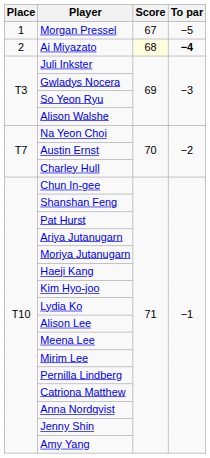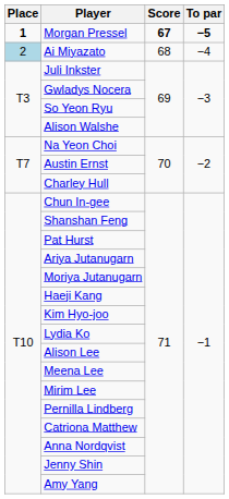 <table class="wikitable">
 <tr>
 <th>Place</th>
 <th>Player</th>
 <th>Score</th>
 <th>To par</th>
 </tr>
 <tr>
-<td align=center>1</td>
+<td align=center><strong>1</strong></td>
 <td> <a href='#'>Morgan Pressel</a></td>
-<td align=center>67</td>
-<td align=center>−5</td>
+<td align=center><strong>67</strong></td>
+<td align=center><strong>−5</strong></td>
 </tr>
 <tr>
-<td align=center>2</td>
+<td align=center style="background: lightblue;">2</td>
 <td> <a href='#'>Ai Miyazato</a></td>
-<td align=center style="background: lightyellow;">68</td>
-<td align=center><strong>−4</strong></td>
+<td align=center>68</td>
+<td align=center>−4</td>
 </tr>
 <tr>
 <td rowspan=4 align=center>T3</td>
 <td> <a href='#'>Juli Inkster</a></td>
 <td rowspan=4 align=center>69</td>
 <td rowspan=4 align=center>−3</td>
 </tr>
 <tr>
 <td> <a href='#'>Gwladys Nocera</a></td>
 </tr>
 <tr>
 <td> <a href='#'>So Yeon Ryu</a></td>
 </tr>
 <tr>
 <td> <a href='#'>Alison Walshe</a></td>
 </tr>
 <tr>
 <td rowspan=3 align=center>T7</td>
 <td> <a href='#'>Na Yeon Choi</a></td>
 <td rowspan=3 align=center>70</td>
 <td rowspan=3 align=center>−2</td>
 </tr>
 <tr>
 <td> <a href='#'>Austin Ernst</a></td>
 </tr>
 <tr>
 <td> <a href='#'>Charley Hull</a></td>
 </tr>
 <tr>
 <td rowspan=16 align=center>T10</td>
 <td> <a href='#'>Chun In-gee</a></td>
 <td rowspan=16 align=center>71</td>
 <td rowspan=16 align=center>−1</td>
 </tr>
 <tr>
 <td> <a href='#'>Shanshan Feng</a></td>
 </tr>
 <tr>
 <td> <a href='#'>Pat Hurst</a></td>
 </tr>
 <tr>
 <td> <a href='#'>Ariya Jutanugarn</a></td>
 </tr>
 <tr>
 <td> <a href='#'>Moriya Jutanugarn</a></td>
 </tr>
 <tr>
 <td> <a href='#'>Haeji Kang</a></td>
 </tr>
 <tr>
 <td> <a href='#'>Kim Hyo-joo</a></td>
 </tr>
 <tr>
 <td> <a href='#'>Lydia Ko</a></td>
 </tr>
 <tr>
 <td> <a href='#'>Alison Lee</a></td>
 </tr>
 <tr>
 <td> <a href='#'>Meena Lee</a></td>
 </tr>
 <tr>
 <td> <a href='#'>Mirim Lee</a></td>
 </tr>
 <tr>
 <td> <a href='#'>Pernilla Lindberg</a></td>
 </tr>
 <tr>
 <td> <a href='#'>Catriona Matthew</a></td>
 </tr>
 <tr>
 <td> <a href='#'>Anna Nordqvist</a></td>
 </tr>
 <tr>
 <td> <a href='#'>Jenny Shin</a></td>
 </tr>
 <tr>
 <td> <a href='#'>Amy Yang</a></td>
 </tr>
 </table>
